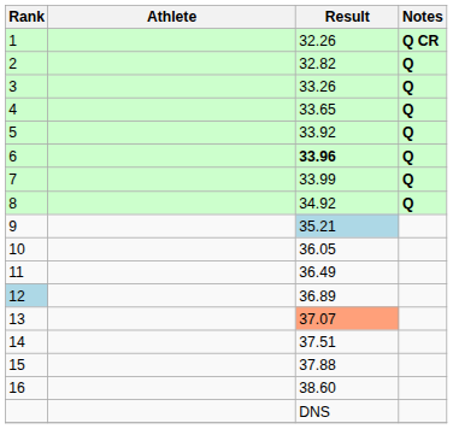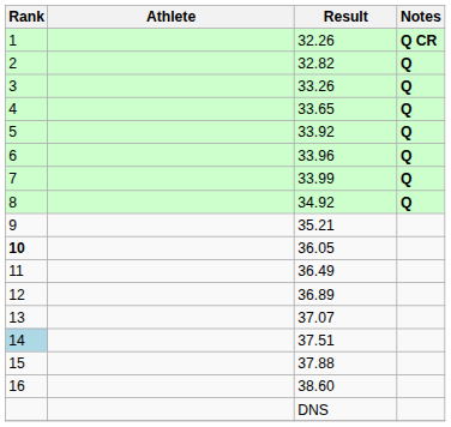 <table class="wikitable" style="font-size:95%" style="width:35em;" style="text-align:center">
 <tr>
 <th>Rank</th>
 <th width=250>Athlete</th>
 <th width=100>Result</th>
 <th>Notes</th>
 </tr>
 <tr bgcolor=ccffcc>
 <td>1</td>
 <td align=left></td>
 <td>32.26</td>
 <td><strong>Q CR</strong></td>
 </tr>
 <tr bgcolor=ccffcc>
 <td>2</td>
 <td align=left></td>
 <td>32.82</td>
 <td><strong>Q</strong></td>
 </tr>
 <tr bgcolor=ccffcc>
 <td>3</td>
 <td align=left></td>
 <td>33.26</td>
 <td><strong>Q</strong></td>
 </tr>
 <tr bgcolor=ccffcc>
 <td>4</td>
 <td align=left></td>
 <td>33.65</td>
 <td><strong>Q</strong></td>
 </tr>
 <tr bgcolor=ccffcc>
 <td>5</td>
 <td align=left></td>
 <td>33.92</td>
 <td><strong>Q</strong></td>
 </tr>
 <tr bgcolor=ccffcc>
 <td>6</td>
 <td align=left></td>
-<td><strong>33.96</strong></td>
+<td>33.96</td>
 <td><strong>Q</strong></td>
 </tr>
 <tr bgcolor=ccffcc>
 <td>7</td>
 <td align=left></td>
 <td>33.99</td>
 <td><strong>Q</strong></td>
 </tr>
 <tr bgcolor=ccffcc>
 <td>8</td>
 <td align=left></td>
 <td>34.92</td>
 <td><strong>Q</strong></td>
 </tr>
 <tr>
 <td>9</td>
 <td align=left></td>
-<td style="background: lightblue;">35.21</td>
+<td>35.21</td>
 <td></td>
 </tr>
 <tr>
-<td>10</td>
+<td><strong>10</strong></td>
 <td align=left></td>
 <td>36.05</td>
 <td></td>
 </tr>
 <tr>
 <td>11</td>
 <td align=left></td>
 <td>36.49</td>
 <td></td>
 </tr>
 <tr>
-<td style="background: lightblue;">12</td>
+<td>12</td>
 <td align=left></td>
 <td>36.89</td>
 <td></td>
 </tr>
 <tr>
 <td>13</td>
 <td align=left></td>
-<td style="background: lightsalmon;">37.07</td>
+<td>37.07</td>
 <td></td>
 </tr>
 <tr>
-<td>14</td>
+<td style="background: lightblue;">14</td>
 <td align=left></td>
 <td>37.51</td>
 <td></td>
 </tr>
 <tr>
 <td>15</td>
 <td align=left></td>
 <td>37.88</td>
 <td></td>
 </tr>
 <tr>
 <td>16</td>
 <td align=left></td>
 <td>38.60</td>
 <td></td>
 </tr>
 <tr>
 <td></td>
 <td align=left></td>
 <td>DNS</td>
 <td></td>
 </tr>
 <tr>
 </tr>
 </table>
